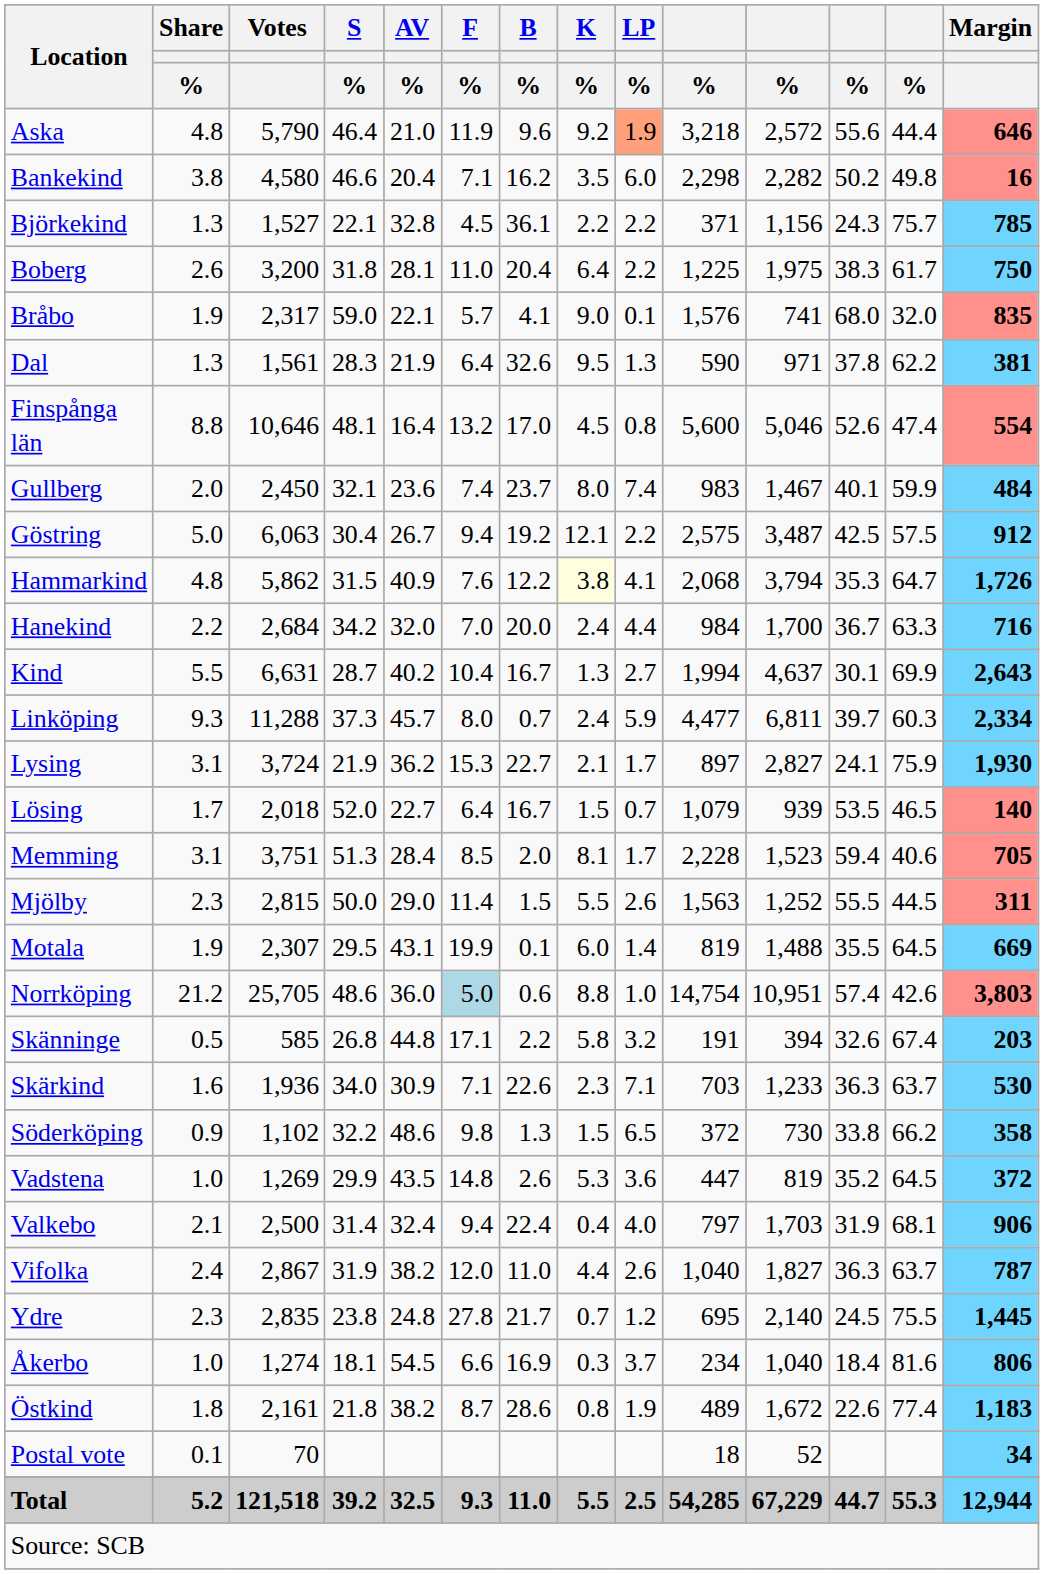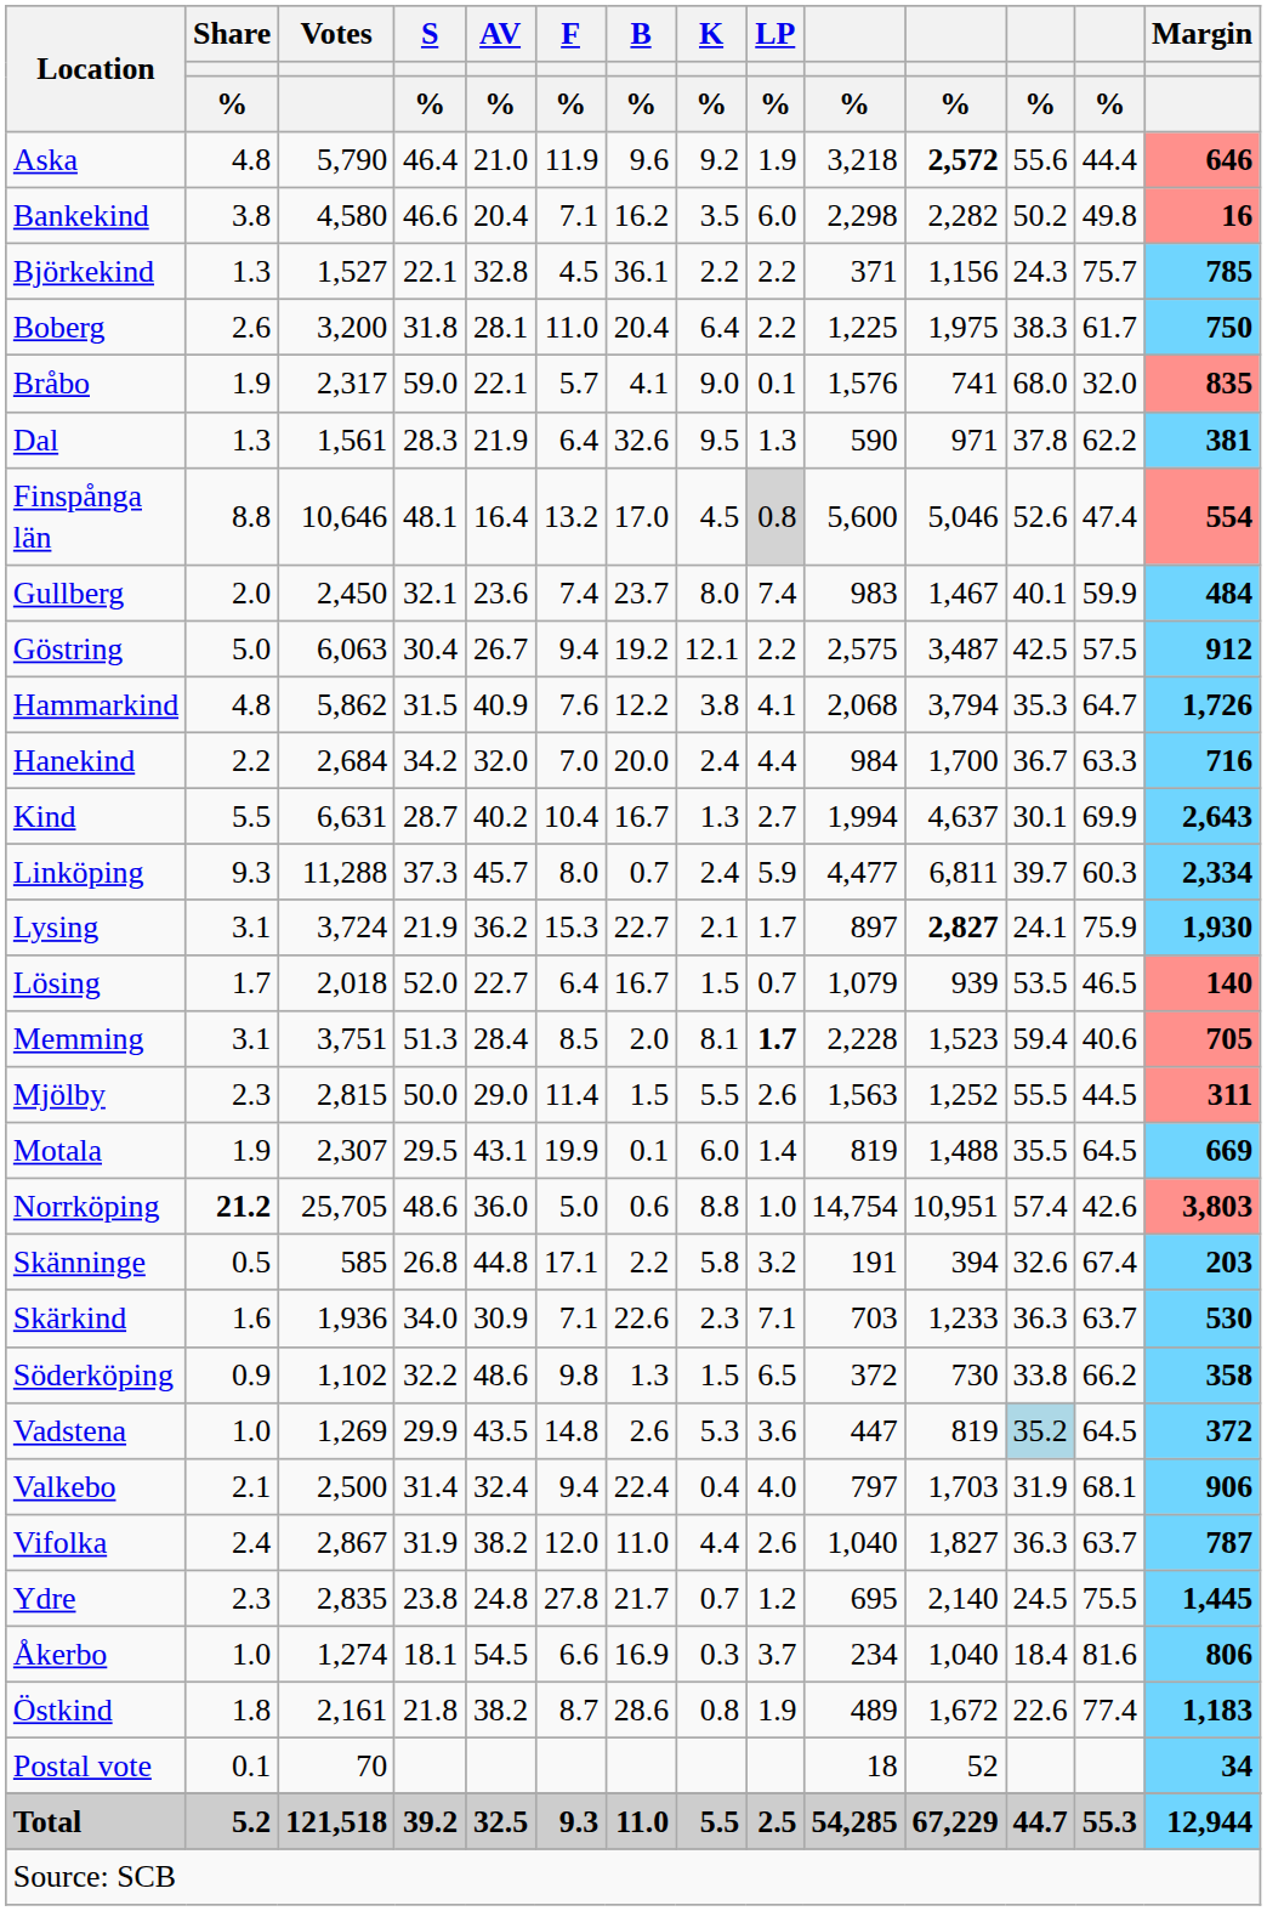 <table class="wikitable sortable" style="text-align:right; font-size:95%; line-height:20px;">
 <tr>
 <th rowspan="3">Location</th>
 <th>Share</th>
 <th>Votes</th>
 <th width="30px" class="unsortable"><a href='#'>S</a></th>
 <th width="30px" class="unsortable"><a href='#'>AV</a></th>
 <th width="30px" class="unsortable"><a href='#'>F</a></th>
 <th width="30px" class="unsortable"><a href='#'>B</a></th>
 <th width="30px" class="unsortable"><a href='#'>K</a></th>
 <th width="30px" class="unsortable"><a href='#'>LP</a></th>
 <th></th>
 <th></th>
 <th></th>
 <th></th>
 <th>Margin</th>
 </tr>
 <tr>
 <th></th>
 <th></th>
 <th style="background:"></th>
 <th style="background:"></th>
 <th style="background:"></th>
 <th style="background:"></th>
 <th style="background:"></th>
 <th style="background:"></th>
 <th style="background:"></th>
 <th style="background:"></th>
 <th style="background:"></th>
 <th style="background:"></th>
 <th></th>
 </tr>
 <tr>
 <th data-sort-type="number">%</th>
 <th></th>
 <th data-sort-type="number">%</th>
 <th data-sort-type="number">%</th>
 <th data-sort-type="number">%</th>
 <th data-sort-type="number">%</th>
 <th data-sort-type="number">%</th>
 <th data-sort-type="number">%</th>
 <th data-sort-type="number">%</th>
 <th data-sort-type="number">%</th>
 <th data-sort-type="number">%</th>
 <th data-sort-type="number">%</th>
 <th></th>
 </tr>
 <tr>
 <td align=left><a href='#'>Aska</a></td>
 <td>4.8</td>
 <td>5,790</td>
 <td>46.4</td>
 <td>21.0</td>
 <td>11.9</td>
 <td>9.6</td>
 <td>9.2</td>
-<td style="background: lightsalmon;">1.9</td>
+<td>1.9</td>
 <td>3,218</td>
-<td>2,572</td>
+<td><strong>2,572</strong></td>
 <td>55.6</td>
 <td>44.4</td>
 <td bgcolor=#ff908c><strong>646</strong></td>
 </tr>
 <tr>
 <td align=left><a href='#'>Bankekind</a></td>
 <td>3.8</td>
 <td>4,580</td>
 <td>46.6</td>
 <td>20.4</td>
 <td>7.1</td>
 <td>16.2</td>
 <td>3.5</td>
 <td>6.0</td>
 <td>2,298</td>
 <td>2,282</td>
 <td>50.2</td>
 <td>49.8</td>
 <td bgcolor=#ff908c><strong>16</strong></td>
 </tr>
 <tr>
 <td align=left><a href='#'>Björkekind</a></td>
 <td>1.3</td>
 <td>1,527</td>
 <td>22.1</td>
 <td>32.8</td>
 <td>4.5</td>
 <td>36.1</td>
 <td>2.2</td>
 <td>2.2</td>
 <td>371</td>
 <td>1,156</td>
 <td>24.3</td>
 <td>75.7</td>
 <td bgcolor=#6fd5fe><strong>785</strong></td>
 </tr>
 <tr>
 <td align=left><a href='#'>Boberg</a></td>
 <td>2.6</td>
 <td>3,200</td>
 <td>31.8</td>
 <td>28.1</td>
 <td>11.0</td>
 <td>20.4</td>
 <td>6.4</td>
 <td>2.2</td>
 <td>1,225</td>
 <td>1,975</td>
 <td>38.3</td>
 <td>61.7</td>
 <td bgcolor=#6fd5fe><strong>750</strong></td>
 </tr>
 <tr>
 <td align=left><a href='#'>Bråbo</a></td>
 <td>1.9</td>
 <td>2,317</td>
 <td>59.0</td>
 <td>22.1</td>
 <td>5.7</td>
 <td>4.1</td>
 <td>9.0</td>
 <td>0.1</td>
 <td>1,576</td>
 <td>741</td>
 <td>68.0</td>
 <td>32.0</td>
 <td bgcolor=#ff908c><strong>835</strong></td>
 </tr>
 <tr>
 <td align=left><a href='#'>Dal</a></td>
 <td>1.3</td>
 <td>1,561</td>
 <td>28.3</td>
 <td>21.9</td>
 <td>6.4</td>
 <td>32.6</td>
 <td>9.5</td>
 <td>1.3</td>
 <td>590</td>
 <td>971</td>
 <td>37.8</td>
 <td>62.2</td>
 <td bgcolor=#6fd5fe><strong>381</strong></td>
 </tr>
 <tr>
 <td align=left><a href='#'>Finspånga län</a></td>
 <td>8.8</td>
 <td>10,646</td>
 <td>48.1</td>
 <td>16.4</td>
 <td>13.2</td>
 <td>17.0</td>
 <td>4.5</td>
-<td>0.8</td>
+<td style="background: lightgrey;">0.8</td>
 <td>5,600</td>
 <td>5,046</td>
 <td>52.6</td>
 <td>47.4</td>
 <td bgcolor=#ff908c><strong>554</strong></td>
 </tr>
 <tr>
 <td align=left><a href='#'>Gullberg</a></td>
 <td>2.0</td>
 <td>2,450</td>
 <td>32.1</td>
 <td>23.6</td>
 <td>7.4</td>
 <td>23.7</td>
 <td>8.0</td>
 <td>7.4</td>
 <td>983</td>
 <td>1,467</td>
 <td>40.1</td>
 <td>59.9</td>
 <td bgcolor=#6fd5fe><strong>484</strong></td>
 </tr>
 <tr>
 <td align=left><a href='#'>Göstring</a></td>
 <td>5.0</td>
 <td>6,063</td>
 <td>30.4</td>
 <td>26.7</td>
 <td>9.4</td>
 <td>19.2</td>
 <td>12.1</td>
 <td>2.2</td>
 <td>2,575</td>
 <td>3,487</td>
 <td>42.5</td>
 <td>57.5</td>
 <td bgcolor=#6fd5fe><strong>912</strong></td>
 </tr>
 <tr>
 <td align=left><a href='#'>Hammarkind</a></td>
 <td>4.8</td>
 <td>5,862</td>
 <td>31.5</td>
 <td>40.9</td>
 <td>7.6</td>
 <td>12.2</td>
-<td style="background: lightyellow;">3.8</td>
+<td>3.8</td>
 <td>4.1</td>
 <td>2,068</td>
 <td>3,794</td>
 <td>35.3</td>
 <td>64.7</td>
 <td bgcolor=#6fd5fe><strong>1,726</strong></td>
 </tr>
 <tr>
 <td align=left><a href='#'>Hanekind</a></td>
 <td>2.2</td>
 <td>2,684</td>
 <td>34.2</td>
 <td>32.0</td>
 <td>7.0</td>
 <td>20.0</td>
 <td>2.4</td>
 <td>4.4</td>
 <td>984</td>
 <td>1,700</td>
 <td>36.7</td>
 <td>63.3</td>
 <td bgcolor=#6fd5fe><strong>716</strong></td>
 </tr>
 <tr>
 <td align=left><a href='#'>Kind</a></td>
 <td>5.5</td>
 <td>6,631</td>
 <td>28.7</td>
 <td>40.2</td>
 <td>10.4</td>
 <td>16.7</td>
 <td>1.3</td>
 <td>2.7</td>
 <td>1,994</td>
 <td>4,637</td>
 <td>30.1</td>
 <td>69.9</td>
 <td bgcolor=#6fd5fe><strong>2,643</strong></td>
 </tr>
 <tr>
 <td align=left><a href='#'>Linköping</a></td>
 <td>9.3</td>
 <td>11,288</td>
 <td>37.3</td>
 <td>45.7</td>
 <td>8.0</td>
 <td>0.7</td>
 <td>2.4</td>
 <td>5.9</td>
 <td>4,477</td>
 <td>6,811</td>
 <td>39.7</td>
 <td>60.3</td>
 <td bgcolor=#6fd5fe><strong>2,334</strong></td>
 </tr>
 <tr>
 <td align=left><a href='#'>Lysing</a></td>
 <td>3.1</td>
 <td>3,724</td>
 <td>21.9</td>
 <td>36.2</td>
 <td>15.3</td>
 <td>22.7</td>
 <td>2.1</td>
 <td>1.7</td>
 <td>897</td>
-<td>2,827</td>
+<td><strong>2,827</strong></td>
 <td>24.1</td>
 <td>75.9</td>
 <td bgcolor=#6fd5fe><strong>1,930</strong></td>
 </tr>
 <tr>
 <td align=left><a href='#'>Lösing</a></td>
 <td>1.7</td>
 <td>2,018</td>
 <td>52.0</td>
 <td>22.7</td>
 <td>6.4</td>
 <td>16.7</td>
 <td>1.5</td>
 <td>0.7</td>
 <td>1,079</td>
 <td>939</td>
 <td>53.5</td>
 <td>46.5</td>
 <td bgcolor=#ff908c><strong>140</strong></td>
 </tr>
 <tr>
 <td align=left><a href='#'>Memming</a></td>
 <td>3.1</td>
 <td>3,751</td>
 <td>51.3</td>
 <td>28.4</td>
 <td>8.5</td>
 <td>2.0</td>
 <td>8.1</td>
-<td>1.7</td>
+<td><strong>1.7</strong></td>
 <td>2,228</td>
 <td>1,523</td>
 <td>59.4</td>
 <td>40.6</td>
 <td bgcolor=#ff908c><strong>705</strong></td>
 </tr>
 <tr>
 <td align=left><a href='#'>Mjölby</a></td>
 <td>2.3</td>
 <td>2,815</td>
 <td>50.0</td>
 <td>29.0</td>
 <td>11.4</td>
 <td>1.5</td>
 <td>5.5</td>
 <td>2.6</td>
 <td>1,563</td>
 <td>1,252</td>
 <td>55.5</td>
 <td>44.5</td>
 <td bgcolor=#ff908c><strong>311</strong></td>
 </tr>
 <tr>
 <td align=left><a href='#'>Motala</a></td>
 <td>1.9</td>
 <td>2,307</td>
 <td>29.5</td>
 <td>43.1</td>
 <td>19.9</td>
 <td>0.1</td>
 <td>6.0</td>
 <td>1.4</td>
 <td>819</td>
 <td>1,488</td>
 <td>35.5</td>
 <td>64.5</td>
 <td bgcolor=#6fd5fe><strong>669</strong></td>
 </tr>
 <tr>
 <td align=left><a href='#'>Norrköping</a></td>
-<td>21.2</td>
+<td><strong>21.2</strong></td>
 <td>25,705</td>
 <td>48.6</td>
 <td>36.0</td>
-<td style="background: lightblue;">5.0</td>
+<td>5.0</td>
 <td>0.6</td>
 <td>8.8</td>
 <td>1.0</td>
 <td>14,754</td>
 <td>10,951</td>
 <td>57.4</td>
 <td>42.6</td>
 <td bgcolor=#ff908c><strong>3,803</strong></td>
 </tr>
 <tr>
 <td align=left><a href='#'>Skänninge</a></td>
 <td>0.5</td>
 <td>585</td>
 <td>26.8</td>
 <td>44.8</td>
 <td>17.1</td>
 <td>2.2</td>
 <td>5.8</td>
 <td>3.2</td>
 <td>191</td>
 <td>394</td>
 <td>32.6</td>
 <td>67.4</td>
 <td bgcolor=#6fd5fe><strong>203</strong></td>
 </tr>
 <tr>
 <td align=left><a href='#'>Skärkind</a></td>
 <td>1.6</td>
 <td>1,936</td>
 <td>34.0</td>
 <td>30.9</td>
 <td>7.1</td>
 <td>22.6</td>
 <td>2.3</td>
 <td>7.1</td>
 <td>703</td>
 <td>1,233</td>
 <td>36.3</td>
 <td>63.7</td>
 <td bgcolor=#6fd5fe><strong>530</strong></td>
 </tr>
 <tr>
 <td align=left><a href='#'>Söderköping</a></td>
 <td>0.9</td>
 <td>1,102</td>
 <td>32.2</td>
 <td>48.6</td>
 <td>9.8</td>
 <td>1.3</td>
 <td>1.5</td>
 <td>6.5</td>
 <td>372</td>
 <td>730</td>
 <td>33.8</td>
 <td>66.2</td>
 <td bgcolor=#6fd5fe><strong>358</strong></td>
 </tr>
 <tr>
 <td align=left><a href='#'>Vadstena</a></td>
 <td>1.0</td>
 <td>1,269</td>
 <td>29.9</td>
 <td>43.5</td>
 <td>14.8</td>
 <td>2.6</td>
 <td>5.3</td>
 <td>3.6</td>
 <td>447</td>
 <td>819</td>
-<td>35.2</td>
+<td style="background: lightblue;">35.2</td>
 <td>64.5</td>
 <td bgcolor=#6fd5fe><strong>372</strong></td>
 </tr>
 <tr>
 <td align=left><a href='#'>Valkebo</a></td>
 <td>2.1</td>
 <td>2,500</td>
 <td>31.4</td>
 <td>32.4</td>
 <td>9.4</td>
 <td>22.4</td>
 <td>0.4</td>
 <td>4.0</td>
 <td>797</td>
 <td>1,703</td>
 <td>31.9</td>
 <td>68.1</td>
 <td bgcolor=#6fd5fe><strong>906</strong></td>
 </tr>
 <tr>
 <td align=left><a href='#'>Vifolka</a></td>
 <td>2.4</td>
 <td>2,867</td>
 <td>31.9</td>
 <td>38.2</td>
 <td>12.0</td>
 <td>11.0</td>
 <td>4.4</td>
 <td>2.6</td>
 <td>1,040</td>
 <td>1,827</td>
 <td>36.3</td>
 <td>63.7</td>
 <td bgcolor=#6fd5fe><strong>787</strong></td>
 </tr>
 <tr>
 <td align=left><a href='#'>Ydre</a></td>
 <td>2.3</td>
 <td>2,835</td>
 <td>23.8</td>
 <td>24.8</td>
 <td>27.8</td>
 <td>21.7</td>
 <td>0.7</td>
 <td>1.2</td>
 <td>695</td>
 <td>2,140</td>
 <td>24.5</td>
 <td>75.5</td>
 <td bgcolor=#6fd5fe><strong>1,445</strong></td>
 </tr>
 <tr>
 <td align=left><a href='#'>Åkerbo</a></td>
 <td>1.0</td>
 <td>1,274</td>
 <td>18.1</td>
 <td>54.5</td>
 <td>6.6</td>
 <td>16.9</td>
 <td>0.3</td>
 <td>3.7</td>
 <td>234</td>
 <td>1,040</td>
 <td>18.4</td>
 <td>81.6</td>
 <td bgcolor=#6fd5fe><strong>806</strong></td>
 </tr>
 <tr>
 <td align=left><a href='#'>Östkind</a></td>
 <td>1.8</td>
 <td>2,161</td>
 <td>21.8</td>
 <td>38.2</td>
 <td>8.7</td>
 <td>28.6</td>
 <td>0.8</td>
 <td>1.9</td>
 <td>489</td>
 <td>1,672</td>
 <td>22.6</td>
 <td>77.4</td>
 <td bgcolor=#6fd5fe><strong>1,183</strong></td>
 </tr>
 <tr>
 <td align=left><a href='#'>Postal vote</a></td>
 <td>0.1</td>
 <td>70</td>
 <td></td>
 <td></td>
 <td></td>
 <td></td>
 <td></td>
 <td></td>
 <td>18</td>
 <td>52</td>
 <td></td>
 <td></td>
 <td bgcolor=#6fd5fe><strong>34</strong></td>
 </tr>
 <tr>
 </tr>
 <tr style="background:#CDCDCD;">
 <td align=left><strong>Total</strong></td>
 <td><strong>5.2</strong></td>
 <td><strong>121,518</strong></td>
 <td><strong>39.2</strong></td>
 <td><strong>32.5</strong></td>
 <td><strong>9.3</strong></td>
 <td><strong>11.0</strong></td>
 <td><strong>5.5</strong></td>
 <td><strong>2.5</strong></td>
 <td><strong>54,285</strong></td>
 <td><strong>67,229</strong></td>
 <td><strong>44.7</strong></td>
 <td><strong>55.3</strong></td>
 <td bgcolor=#6fd5fe><strong>12,944</strong></td>
 </tr>
 <tr>
 <td align=left colspan=14>Source: SCB </td>
 </tr>
 </table>
